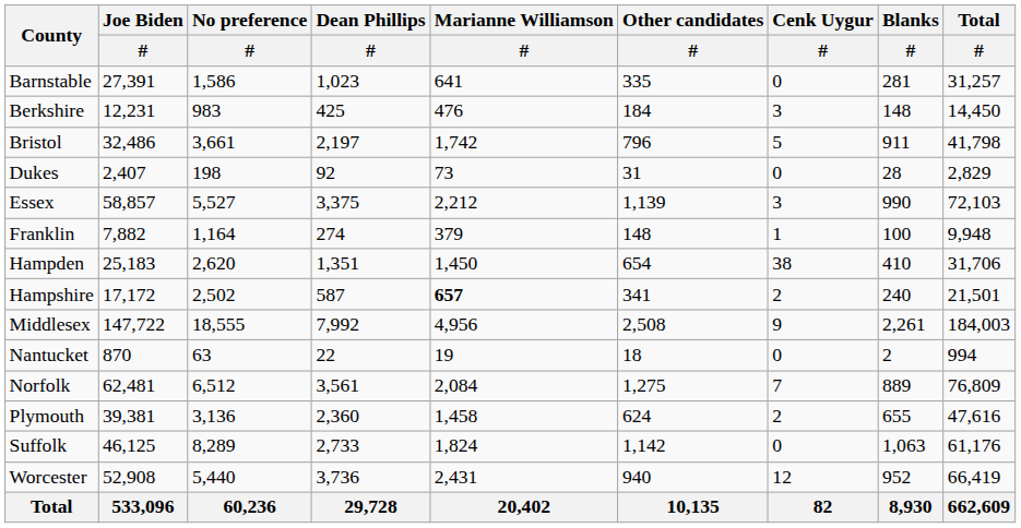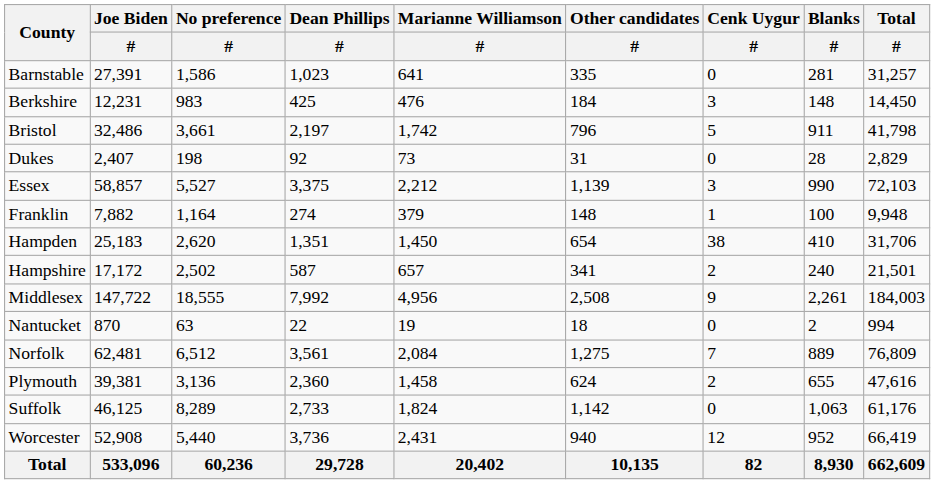 <table class="wikitable sortable">
 <tr>
 <th rowspan="2">County</th>
 <th>Joe Biden</th>
 <th>No preference</th>
 <th>Dean Phillips</th>
 <th>Marianne Williamson</th>
 <th>Other candidates</th>
 <th>Cenk Uygur</th>
 <th>Blanks</th>
 <th>Total</th>
 </tr>
 <tr>
 <th>#</th>
 <th>#</th>
 <th>#</th>
 <th>#</th>
 <th>#</th>
 <th>#</th>
 <th>#</th>
 <th>#</th>
 </tr>
 <tr>
 <td>Barnstable</td>
 <td>27,391</td>
 <td>1,586</td>
 <td>1,023</td>
 <td>641</td>
 <td>335</td>
 <td>0</td>
 <td>281</td>
 <td>31,257</td>
 </tr>
 <tr>
 <td>Berkshire</td>
 <td>12,231</td>
 <td>983</td>
 <td>425</td>
 <td>476</td>
 <td>184</td>
 <td>3</td>
 <td>148</td>
 <td>14,450</td>
 </tr>
 <tr>
 <td>Bristol</td>
 <td>32,486</td>
 <td>3,661</td>
 <td>2,197</td>
 <td>1,742</td>
 <td>796</td>
 <td>5</td>
 <td>911</td>
 <td>41,798</td>
 </tr>
 <tr>
 <td>Dukes</td>
 <td>2,407</td>
 <td>198</td>
 <td>92</td>
 <td>73</td>
 <td>31</td>
 <td>0</td>
 <td>28</td>
 <td>2,829</td>
 </tr>
 <tr>
 <td>Essex</td>
 <td>58,857</td>
 <td>5,527</td>
 <td>3,375</td>
 <td>2,212</td>
 <td>1,139</td>
 <td>3</td>
 <td>990</td>
 <td>72,103</td>
 </tr>
 <tr>
 <td>Franklin</td>
 <td>7,882</td>
 <td>1,164</td>
 <td>274</td>
 <td>379</td>
 <td>148</td>
 <td>1</td>
 <td>100</td>
 <td>9,948</td>
 </tr>
 <tr>
 <td>Hampden</td>
 <td>25,183</td>
 <td>2,620</td>
 <td>1,351</td>
 <td>1,450</td>
 <td>654</td>
 <td>38</td>
 <td>410</td>
 <td>31,706</td>
 </tr>
 <tr>
 <td>Hampshire</td>
 <td>17,172</td>
 <td>2,502</td>
 <td>587</td>
-<td><strong>657</strong></td>
+<td>657</td>
 <td>341</td>
 <td>2</td>
 <td>240</td>
 <td>21,501</td>
 </tr>
 <tr>
 <td>Middlesex</td>
 <td>147,722</td>
 <td>18,555</td>
 <td>7,992</td>
 <td>4,956</td>
 <td>2,508</td>
 <td>9</td>
 <td>2,261</td>
 <td>184,003</td>
 </tr>
 <tr>
 <td>Nantucket</td>
 <td>870</td>
 <td>63</td>
 <td>22</td>
 <td>19</td>
 <td>18</td>
 <td>0</td>
 <td>2</td>
 <td>994</td>
 </tr>
 <tr>
 <td>Norfolk</td>
 <td>62,481</td>
 <td>6,512</td>
 <td>3,561</td>
 <td>2,084</td>
 <td>1,275</td>
 <td>7</td>
 <td>889</td>
 <td>76,809</td>
 </tr>
 <tr>
 <td>Plymouth</td>
 <td>39,381</td>
 <td>3,136</td>
 <td>2,360</td>
 <td>1,458</td>
 <td>624</td>
 <td>2</td>
 <td>655</td>
 <td>47,616</td>
 </tr>
 <tr>
 <td>Suffolk</td>
 <td>46,125</td>
 <td>8,289</td>
 <td>2,733</td>
 <td>1,824</td>
 <td>1,142</td>
 <td>0</td>
 <td>1,063</td>
 <td>61,176</td>
 </tr>
 <tr>
 <td>Worcester</td>
 <td>52,908</td>
 <td>5,440</td>
 <td>3,736</td>
 <td>2,431</td>
 <td>940</td>
 <td>12</td>
 <td>952</td>
 <td>66,419</td>
 </tr>
 <tr>
 <th>Total</th>
 <th>533,096</th>
 <th>60,236</th>
 <th><strong>29,728</strong></th>
 <th><strong>20,402</strong></th>
 <th><strong>10,135</strong></th>
 <th>82</th>
 <th><strong>8,930</strong></th>
 <th><strong>662,609</strong></th>
 </tr>
 </table>
